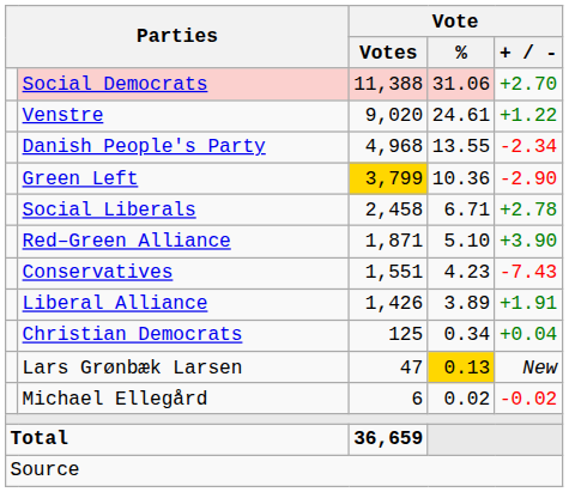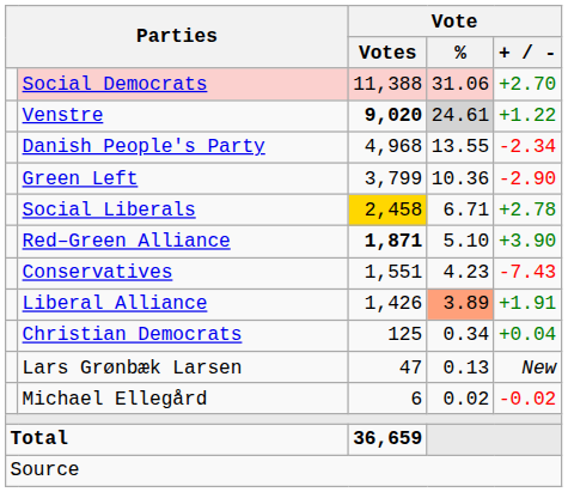 <table class="wikitable" style="text-align:right;">
 <tr>
 <th style="text-align:centre;" rowspan="2" colspan="2" width="225">Parties</th>
 <th colspan="3">Vote</th>
 </tr>
 <tr>
 <th width="15">Votes</th>
 <th width="15">%</th>
 <th width="15">+ / -</th>
 </tr>
 <tr>
 <td width="2" style="color:inherit;background:"></td>
 <td bgcolor=#fbd0ce  align="left"><a href='#'>Social Democrats</a></td>
 <td bgcolor=#fbd0ce>11,388</td>
 <td bgcolor=#fbd0ce>31.06</td>
 <td style=color:green;>+2.70</td>
 </tr>
 <tr>
 <td width="2" style="color:inherit;background:"></td>
 <td align="left"><a href='#'>Venstre</a></td>
-<td>9,020</td>
-<td>24.61</td>
+<td><strong>9,020</strong></td>
+<td style="background: lightgrey;">24.61</td>
 <td style=color:green;>+1.22</td>
 </tr>
 <tr>
 <td width="2" style="color:inherit;background:"></td>
 <td align="left"><a href='#'>Danish People's Party</a></td>
 <td>4,968</td>
 <td>13.55</td>
 <td style=color:red;>-2.34</td>
 </tr>
 <tr>
 <td width="2" style="color:inherit;background:"></td>
 <td align="left"><a href='#'>Green Left</a></td>
-<td style="background: gold;">3,799</td>
+<td>3,799</td>
 <td>10.36</td>
 <td style=color:red;>-2.90</td>
 </tr>
 <tr>
 <td width="2" style="color:inherit;background:"></td>
 <td align="left"><a href='#'>Social Liberals</a></td>
-<td>2,458</td>
+<td style="background: gold;">2,458</td>
 <td>6.71</td>
 <td style=color:green;>+2.78</td>
 </tr>
 <tr>
 <td width="2" style="color:inherit;background:"></td>
 <td align="left"><a href='#'>Red–Green Alliance</a></td>
-<td>1,871</td>
+<td><strong>1,871</strong></td>
 <td>5.10</td>
 <td style=color:green;>+3.90</td>
 </tr>
 <tr>
 <td width="2" style="color:inherit;background:"></td>
 <td align="left"><a href='#'>Conservatives</a></td>
 <td>1,551</td>
 <td>4.23</td>
 <td style=color:red;>-7.43</td>
 </tr>
 <tr>
 <td width="2" style="color:inherit;background:"></td>
 <td align="left"><a href='#'>Liberal Alliance</a></td>
 <td>1,426</td>
-<td>3.89</td>
+<td style="background: lightsalmon;">3.89</td>
 <td style=color:green;>+1.91</td>
 </tr>
 <tr>
 <td width="2" style="color:inherit;background:"></td>
 <td align="left"><a href='#'>Christian Democrats</a></td>
 <td>125</td>
 <td>0.34</td>
 <td style=color:green;>+0.04</td>
 </tr>
 <tr>
 <td width="2" style="color:inherit;background:"></td>
 <td align="left">Lars Grønbæk Larsen</td>
 <td>47</td>
-<td style="background: gold;">0.13</td>
+<td>0.13</td>
 <td><em>New</em></td>
 </tr>
 <tr>
 <td width="2" style="color:inherit;background:"></td>
 <td align="left">Michael Ellegård</td>
 <td>6</td>
 <td>0.02</td>
 <td style=color:red;>-0.02</td>
 </tr>
 <tr>
 <td colspan="7" bgcolor="#E9E9E9"></td>
 </tr>
 <tr>
 <td align="left" colspan="2"><strong>Total</strong></td>
 <td><strong>36,659</strong></td>
 <td bgcolor="#E9E9E9" colspan="2"></td>
 </tr>
 <tr>
 <td align="left" colspan="6">Source</td>
 </tr>
 </table>
